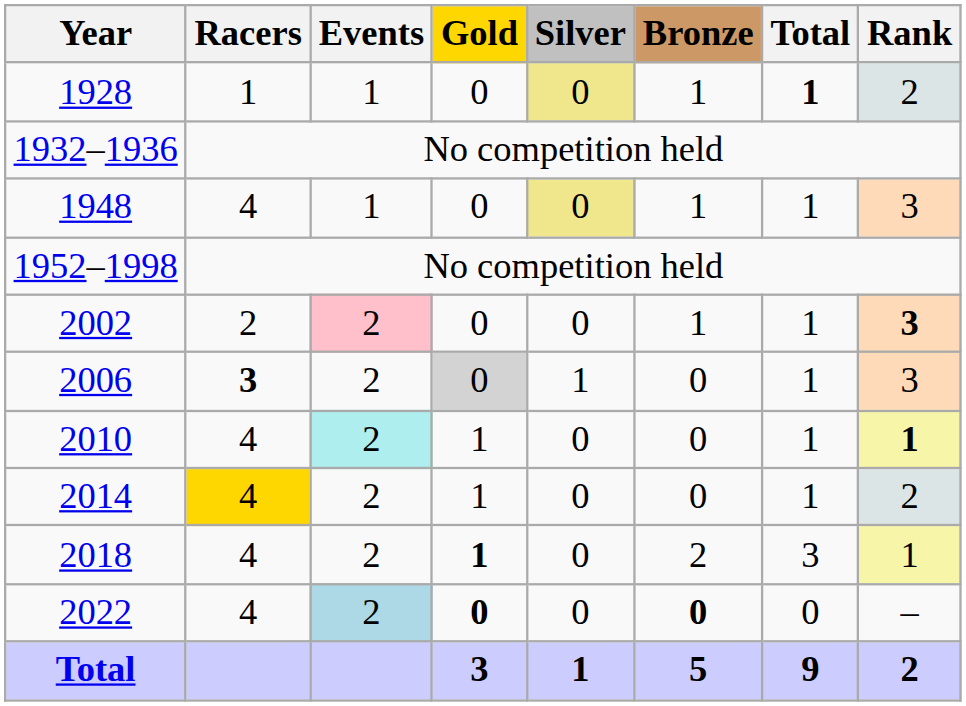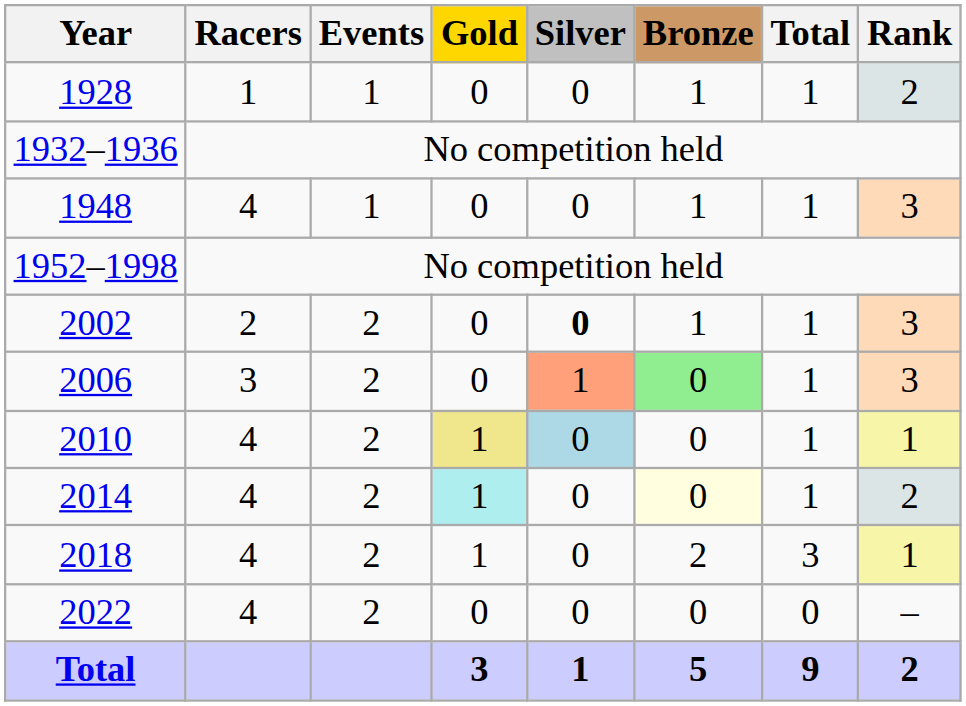 <table class="wikitable sortable collapsible collapsed">
 <tr>
 <th>Year</th>
 <th>Racers</th>
 <th>Events</th>
 <th style="text-align:center; background-color:gold;"><strong>Gold</strong></th>
 <th style="text-align:center; background-color:silver;"><strong>Silver</strong></th>
 <th style="text-align:center; background-color:#c96;"><strong>Bronze</strong></th>
 <th>Total</th>
 <th>Rank</th>
 </tr>
 <tr style="text-align:center">
 <td><a href='#'>1928</a></td>
 <td>1</td>
 <td>1</td>
 <td>0</td>
-<td style="background: khaki;">0</td>
+<td>0</td>
 <td>1</td>
-<td><strong>1</strong></td>
+<td>1</td>
 <td style="background-color:#dce5e5">2</td>
 </tr>
 <tr style="text-align:center">
 <td><a href='#'>1932</a>–<a href='#'>1936</a></td>
 <td colspan=7>No competition held</td>
 </tr>
 <tr style="text-align:center">
 <td><a href='#'>1948</a></td>
 <td>4</td>
 <td>1</td>
 <td>0</td>
-<td style="background: khaki;">0</td>
+<td>0</td>
 <td>1</td>
 <td>1</td>
 <td style="background-color:#ffdab9">3</td>
 </tr>
 <tr style="text-align:center">
 <td><a href='#'>1952</a>–<a href='#'>1998</a></td>
 <td colspan=7>No competition held</td>
 </tr>
 <tr style="text-align:center">
 <td><a href='#'>2002</a></td>
 <td>2</td>
-<td style="background: pink;">2</td>
+<td>2</td>
 <td>0</td>
-<td>0</td>
+<td><strong>0</strong></td>
 <td>1</td>
 <td>1</td>
-<td style="background-color:#ffdab9"><strong>3</strong></td>
+<td style="background-color:#ffdab9">3</td>
 </tr>
 <tr style="text-align:center">
 <td><a href='#'>2006</a></td>
-<td><strong>3</strong></td>
+<td>3</td>
 <td>2</td>
-<td style="background: lightgrey;">0</td>
-<td>1</td>
 <td>0</td>
+<td style="background: lightsalmon;">1</td>
+<td style="background: lightgreen;">0</td>
 <td>1</td>
 <td style="background-color:#ffdab9">3</td>
 </tr>
 <tr style="text-align:center">
 <td><a href='#'>2010</a></td>
 <td>4</td>
-<td style="background: paleturquoise;">2</td>
-<td>1</td>
-<td>0</td>
+<td>2</td>
+<td style="background: khaki;">1</td>
+<td style="background: lightblue;">0</td>
 <td>0</td>
 <td>1</td>
-<td style="background-color:#F7F6A8"><strong>1</strong></td>
+<td style="background-color:#F7F6A8">1</td>
 </tr>
 <tr style="text-align:center">
 <td><a href='#'>2014</a></td>
-<td style="background: gold;">4</td>
+<td>4</td>
 <td>2</td>
-<td>1</td>
+<td style="background: paleturquoise;">1</td>
 <td>0</td>
-<td>0</td>
+<td style="background: lightyellow;">0</td>
 <td>1</td>
 <td style="background-color:#dce5e5">2</td>
 </tr>
 <tr style="text-align:center">
 <td><a href='#'>2018</a></td>
 <td>4</td>
 <td>2</td>
-<td><strong>1</strong></td>
+<td>1</td>
 <td>0</td>
 <td>2</td>
 <td>3</td>
 <td style="background-color:#F7F6A8">1</td>
 </tr>
 <tr style="text-align:center">
 <td><a href='#'>2022</a></td>
 <td>4</td>
-<td style="background: lightblue;">2</td>
-<td><strong>0</strong></td>
+<td>2</td>
 <td>0</td>
-<td><strong>0</strong></td>
+<td>0</td>
+<td>0</td>
 <td>0</td>
 <td>–</td>
 </tr>
 <tr style="text-align:center; background-color:#ccf;">
 <td><strong><a href='#'>Total</a></strong></td>
 <td></td>
 <td></td>
 <td><strong>3</strong></td>
 <td><strong>1</strong></td>
 <td><strong>5</strong></td>
 <td><strong>9</strong></td>
 <td><strong>2</strong></td>
 </tr>
 </table>
